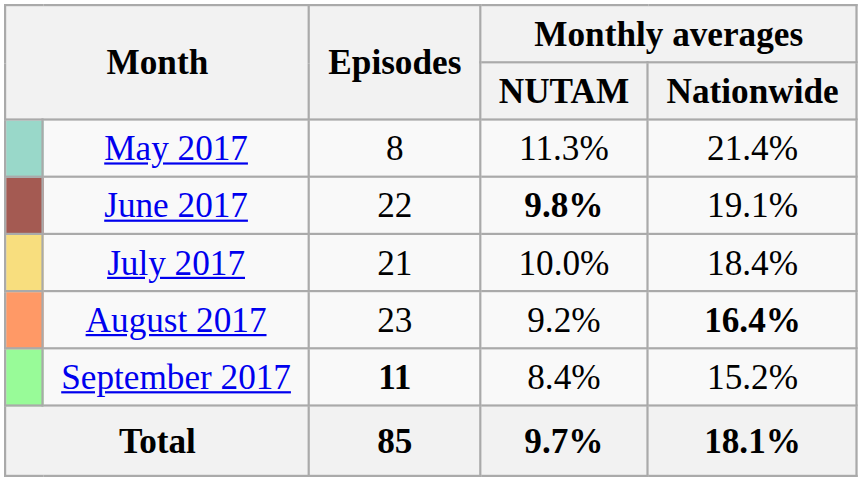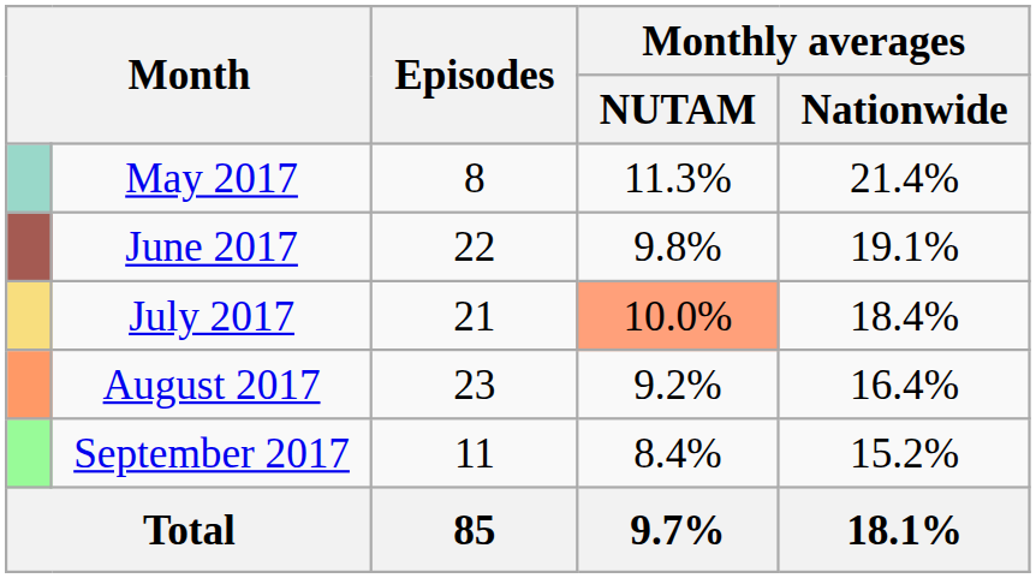 <table class="wikitable plainrowheaders" style="text-align: center; line-height:25px;">
 <tr class="wikitable" style="text-align: center;">
 <th colspan="2" rowspan="2" style="padding: 0 8px;">Month</th>
 <th rowspan="2" style="padding: 0 8px;">Episodes</th>
 <th colspan="2" style="padding: 0 8px;">Monthly averages</th>
 </tr>
 <tr>
 <th style="padding: 0 8px;">NUTAM</th>
 <th style="padding: 0 8px;">Nationwide</th>
 </tr>
 <tr>
 <td style="padding: 0 8px; background:#99D8C9;"></td>
 <td style="padding: 0 8px;" '><a href='#'>May 2017</a></td>
 <td style="padding: 0 8px;">8</td>
 <td style="padding: 0 8px;">11.3%</td>
 <td style="padding: 0 8px;">21.4%</td>
 </tr>
 <tr>
 <td style="padding: 0 8px; background:#A45A52;"></td>
 <td style="padding: 0 8px;" '><a href='#'>June 2017</a></td>
 <td style="padding: 0 8px;">22</td>
-<td style="padding: 0 8px;"><strong>9.8%</strong></td>
+<td style="padding: 0 8px;">9.8%</td>
 <td style="padding: 0 8px;">19.1%</td>
 </tr>
 <tr>
 <td style="padding: 0 8px; background:#F8DE7E;"></td>
 <td style="padding: 0 8px;" '><a href='#'>July 2017</a></td>
 <td style="padding: 0 8px;">21</td>
-<td style="padding: 0 8px;">10.0%</td>
+<td style="background: lightsalmon; padding: 0 8px;">10.0%</td>
 <td style="padding: 0 8px;">18.4%</td>
 </tr>
 <tr>
 <td style="padding: 0 8px; background:#FF9966;"></td>
 <td style="padding: 0 8px;" '><a href='#'>August 2017</a></td>
 <td style="padding: 0 8px;">23</td>
 <td style="padding: 0 8px;">9.2%</td>
-<td style="padding: 0 8px;"><strong>16.4%</strong></td>
+<td style="padding: 0 8px;">16.4%</td>
 </tr>
 <tr>
 <td style="padding: 0 8px; background:#98FB98;"></td>
 <td style="padding: 0 8px;" '><a href='#'>September 2017</a></td>
-<td style="padding: 0 8px;"><strong>11</strong></td>
+<td style="padding: 0 8px;">11</td>
 <td style="padding: 0 8px;">8.4%</td>
 <td style="padding: 0 8px;">15.2%</td>
 </tr>
 <tr>
 <th colspan=2>Total</th>
 <th>85</th>
 <th>9.7%</th>
 <th>18.1%</th>
 </tr>
 </table>
